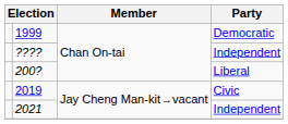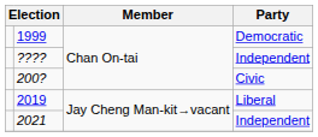 <table class="wikitable">
 <tr>
 <th colspan="2">Election</th>
 <th>Member</th>
 <th>Party</th>
 </tr>
 <tr>
 <td style="background-color:"></td>
 <td><a href='#'>1999</a></td>
 <td rowspan=3>Chan On-tai</td>
 <td><a href='#'>Democratic</a></td>
 </tr>
 <tr>
 <td style="background-color:"></td>
 <td><em>????</em></td>
 <td><a href='#'>Independent</a></td>
 </tr>
 <tr>
 <td style="background-color:"></td>
 <td><em>200?</em></td>
-<td><a href='#'>Liberal</a></td>
+<td><a href='#'>Civic</a></td>
 </tr>
 <tr>
 <td style="background-color:"></td>
 <td><a href='#'>2019</a></td>
 <td rowspan=2>Jay Cheng Man-kit→vacant</td>
-<td><a href='#'>Civic</a></td>
+<td><a href='#'>Liberal</a></td>
 </tr>
 <tr>
 <td style="background-color:"></td>
 <td><em>2021</em></td>
 <td><a href='#'>Independent</a></td>
 </tr>
 <tr>
 </tr>
 </table>
